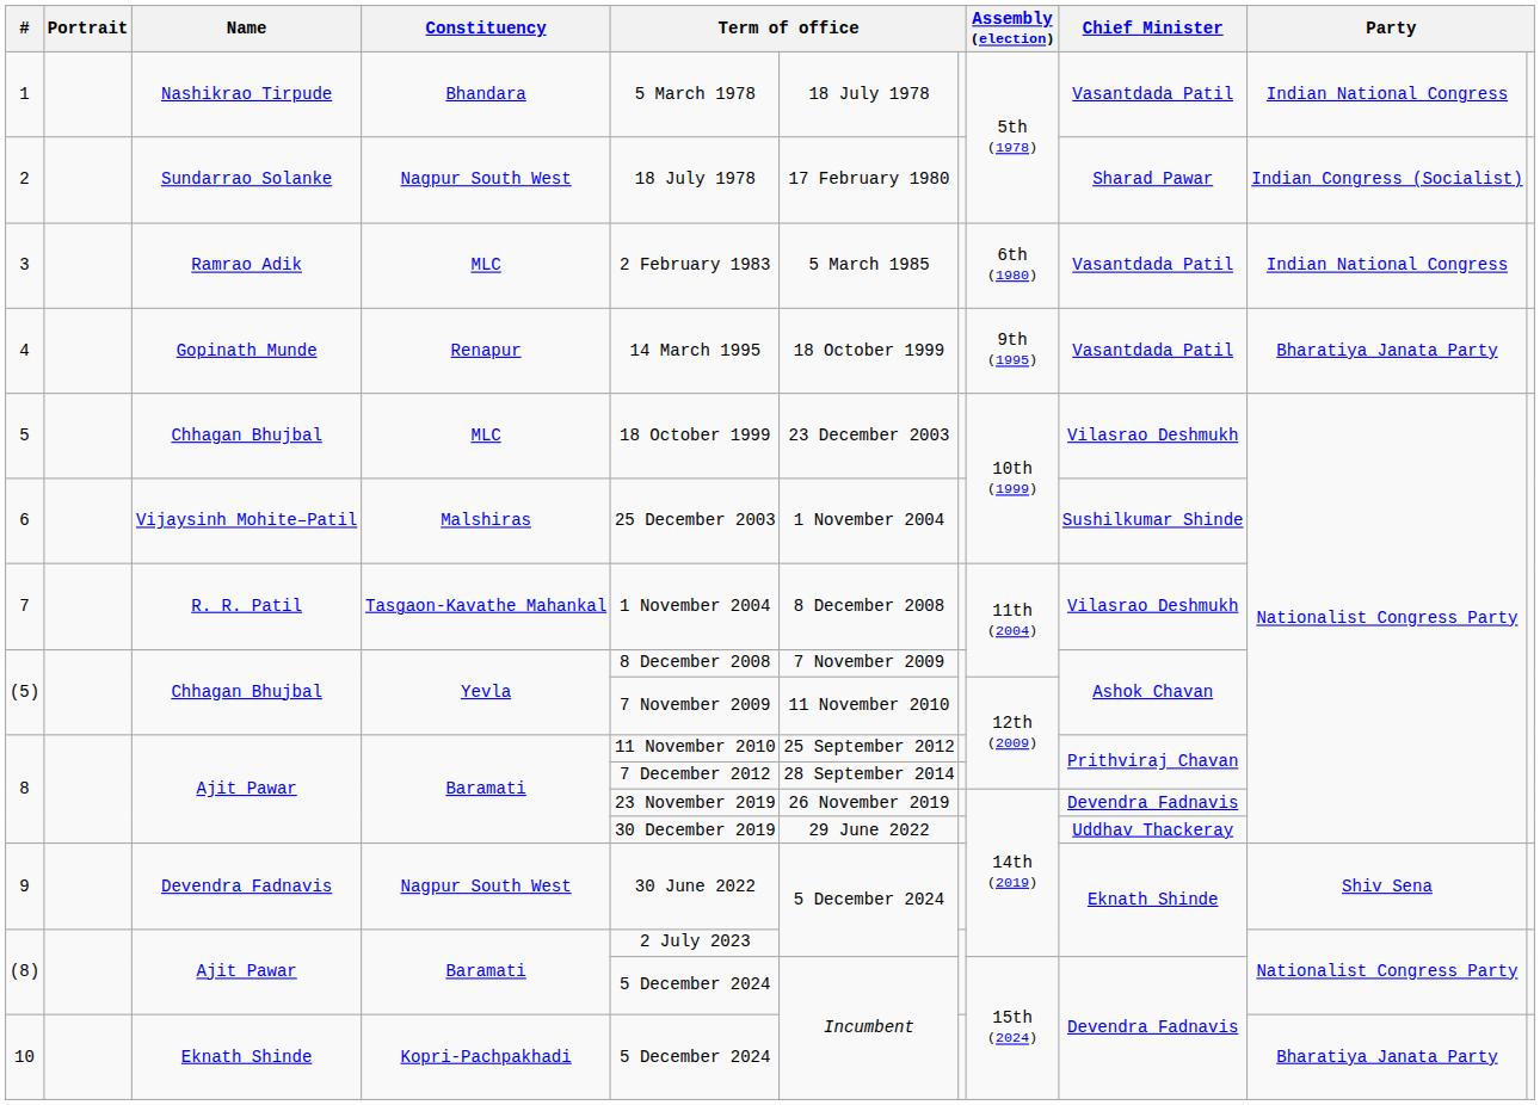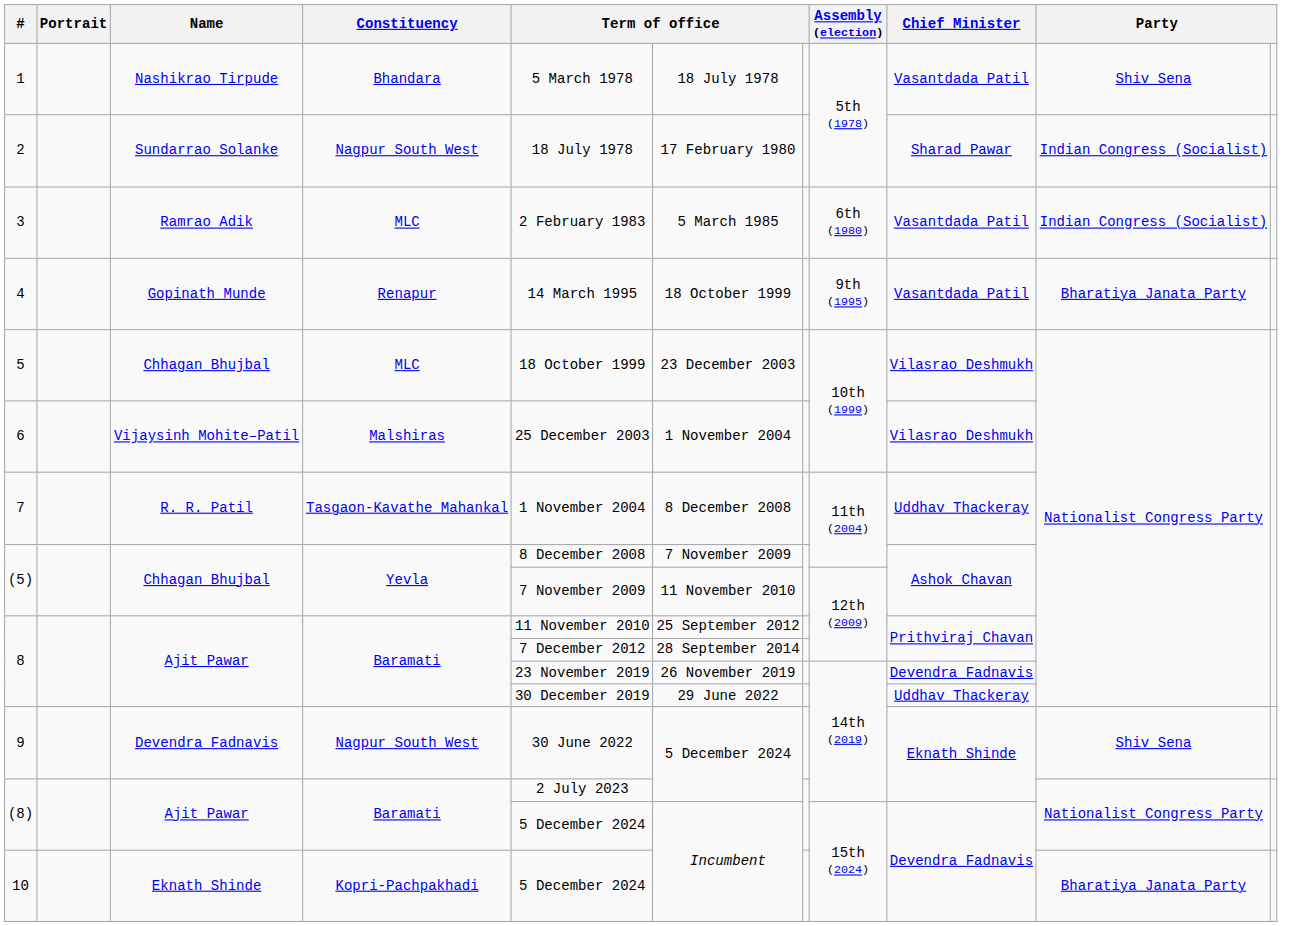 <table class="wikitable">
 <tr>
 <th>#</th>
 <th>Portrait</th>
 <th>Name</th>
 <th><a href='#'>Constituency</a></th>
 <th colspan="3">Term of office</th>
 <th><a href='#'>Assembly</a><br><small>(<a href='#'>election</a>)</small></th>
 <th><a href='#'>Chief Minister</a></th>
 <th colspan="2">Party</th>
 </tr>
 <tr align="center">
 <td style="height: 60px;">1</td>
 <td></td>
 <td><a href='#'>Nashikrao Tirpude</a></td>
 <td><a href='#'>Bhandara</a></td>
 <td>5 March 1978</td>
 <td>18 July 1978</td>
 <td></td>
 <td rowspan="2">5th<br><small>(<a href='#'>1978</a>)</small></td>
 <td><a href='#'>Vasantdada Patil</a></td>
-<td><a href='#'>Indian National Congress</a></td>
+<td><a href='#'>Shiv Sena</a></td>
 <td style="background-color: "></td>
 </tr>
 <tr align="center">
 <td style="height: 60px;">2</td>
 <td></td>
 <td><a href='#'>Sundarrao Solanke</a></td>
 <td><a href='#'>Nagpur South West</a></td>
 <td>18 July 1978</td>
 <td>17 February 1980</td>
 <td></td>
 <td><a href='#'>Sharad Pawar</a></td>
 <td><a href='#'>Indian Congress (Socialist)</a></td>
 <td style="background-color: "></td>
 </tr>
 <tr align="center">
 <td style="height: 60px;">3</td>
 <td></td>
 <td><a href='#'>Ramrao Adik</a></td>
 <td><a href='#'>MLC</a></td>
 <td>2 February 1983</td>
 <td>5 March 1985</td>
 <td></td>
 <td>6th<br><small>(<a href='#'>1980</a>)</small></td>
 <td><a href='#'>Vasantdada Patil</a></td>
-<td><a href='#'>Indian National Congress</a></td>
+<td><a href='#'>Indian Congress (Socialist)</a></td>
 <td style="background-color: "></td>
 </tr>
 <tr align="center">
 <td style="height: 60px;">4</td>
 <td></td>
 <td><a href='#'>Gopinath Munde</a></td>
 <td><a href='#'>Renapur</a></td>
 <td>14 March 1995</td>
 <td>18 October 1999</td>
 <td></td>
 <td>9th<br><small>(<a href='#'>1995</a>)</small></td>
 <td><a href='#'>Vasantdada Patil</a></td>
 <td><a href='#'>Bharatiya Janata Party</a></td>
 <td style="background-color: "></td>
 </tr>
 <tr align="center">
 <td style="height: 60px;">5</td>
 <td></td>
 <td><a href='#'>Chhagan Bhujbal</a></td>
 <td><a href='#'>MLC</a></td>
 <td>18 October 1999</td>
 <td>23 December 2003</td>
 <td></td>
 <td rowspan="2">10th<br><small>(<a href='#'>1999</a>)</small></td>
 <td><a href='#'>Vilasrao Deshmukh</a></td>
 <td rowspan="9"><a href='#'>Nationalist Congress Party</a></td>
 <td rowspan="9" style="background-color: "></td>
 </tr>
 <tr align="center">
 <td style="height: 60px;">6</td>
 <td></td>
 <td><a href='#'>Vijaysinh Mohite–Patil</a></td>
 <td><a href='#'>Malshiras</a></td>
 <td>25 December 2003</td>
 <td>1 November 2004</td>
 <td></td>
-<td><a href='#'>Sushilkumar Shinde</a></td>
+<td><a href='#'>Vilasrao Deshmukh</a></td>
 </tr>
 <tr align="center">
 <td style="height: 60px;">7</td>
 <td></td>
 <td><a href='#'>R. R. Patil</a></td>
 <td><a href='#'>Tasgaon-Kavathe Mahankal</a></td>
 <td>1 November 2004</td>
 <td>8 December 2008</td>
 <td></td>
 <td rowspan="2">11th<br><small>(<a href='#'>2004</a>)</small></td>
-<td><a href='#'>Vilasrao Deshmukh</a></td>
+<td><a href='#'>Uddhav Thackeray</a></td>
 </tr>
 <tr align="center">
 <td rowspan="2" style="height: 60px;">(5)</td>
 <td rowspan="2"></td>
 <td rowspan="2"><a href='#'>Chhagan Bhujbal</a></td>
 <td rowspan="2"><a href='#'>Yevla</a></td>
 <td>8 December 2008</td>
 <td>7 November 2009</td>
 <td rowspan="2"></td>
 <td rowspan="2"><a href='#'>Ashok Chavan</a></td>
 </tr>
 <tr align="center">
 <td>7 November 2009</td>
 <td>11 November 2010</td>
 <td rowspan="3">12th<br><small>(<a href='#'>2009</a>)</small></td>
 </tr>
 <tr align="center">
 <td rowspan="4" style="height: 60px;">8</td>
 <td rowspan="4"></td>
 <td rowspan="4"><a href='#'>Ajit Pawar</a></td>
 <td rowspan="4"><a href='#'>Baramati</a></td>
 <td>11 November 2010</td>
 <td>25 September 2012</td>
 <td></td>
 <td rowspan="2"><a href='#'>Prithviraj Chavan</a></td>
 </tr>
 <tr align="center">
 <td>7 December 2012</td>
 <td>28 September 2014</td>
 <td></td>
 </tr>
 <tr align="center">
 <td>23 November 2019</td>
 <td>26 November 2019</td>
 <td></td>
 <td rowspan="4">14th<br><small>(<a href='#'>2019</a>)</small></td>
 <td><a href='#'>Devendra Fadnavis</a></td>
 </tr>
 <tr align="center">
 <td>30 December 2019</td>
 <td>29 June 2022</td>
 <td></td>
 <td><a href='#'>Uddhav Thackeray</a></td>
 </tr>
 <tr align="center">
 <td style="height: 60px;">9</td>
 <td></td>
 <td><a href='#'>Devendra Fadnavis</a></td>
 <td><a href='#'>Nagpur South West</a></td>
 <td>30 June 2022</td>
 <td rowspan="2">5 December 2024</td>
 <td></td>
 <td rowspan="2"><a href='#'>Eknath Shinde</a></td>
 <td><a href='#'>Shiv Sena</a></td>
 <td style="background-color:"></td>
 </tr>
 <tr align="center">
 <td rowspan="2"style="height: 60px;">(8)</td>
 <td rowspan="2"></td>
 <td rowspan="2"><a href='#'>Ajit Pawar</a></td>
 <td rowspan="2"><a href='#'>Baramati</a></td>
 <td>2 July 2023</td>
 <td rowspan="2"></td>
 <td rowspan="2"><a href='#'>Nationalist Congress Party</a></td>
 <td rowspan="2" style="background-color: "></td>
 </tr>
 <tr align="center">
 <td>5 December 2024</td>
 <td rowspan="2"><em>Incumbent</em></td>
 <td rowspan="2">15th<br><small>(<a href='#'>2024</a>)</small></td>
 <td rowspan="2"><a href='#'>Devendra Fadnavis</a></td>
 </tr>
 <tr align="center">
 <td style="height: 60px;">10</td>
 <td></td>
 <td><a href='#'>Eknath Shinde</a></td>
 <td><a href='#'>Kopri-Pachpakhadi</a></td>
 <td>5 December 2024</td>
 <td></td>
 <td><a href='#'>Bharatiya Janata Party</a></td>
 <td style="background-color:"></td>
 </tr>
 </table>
